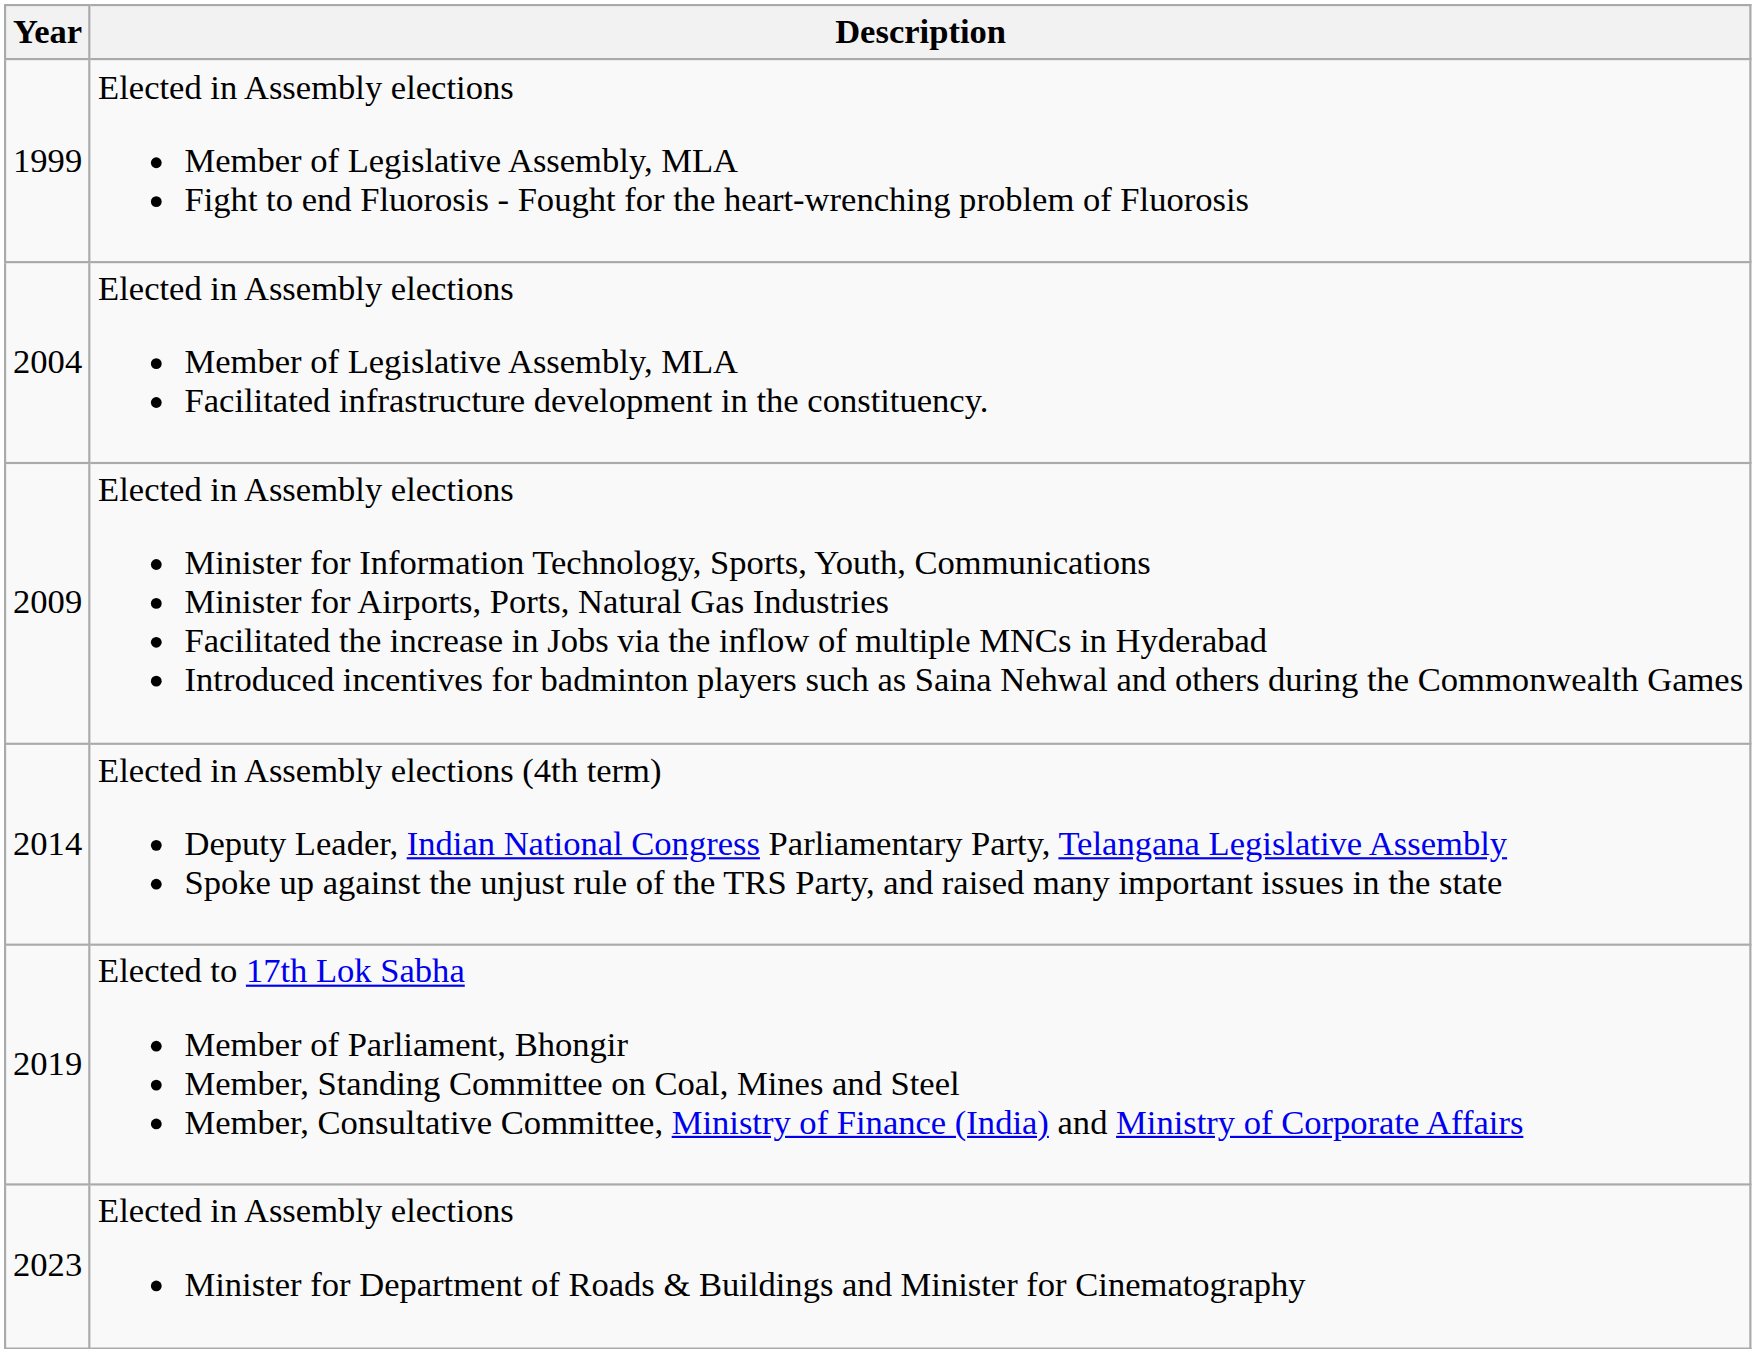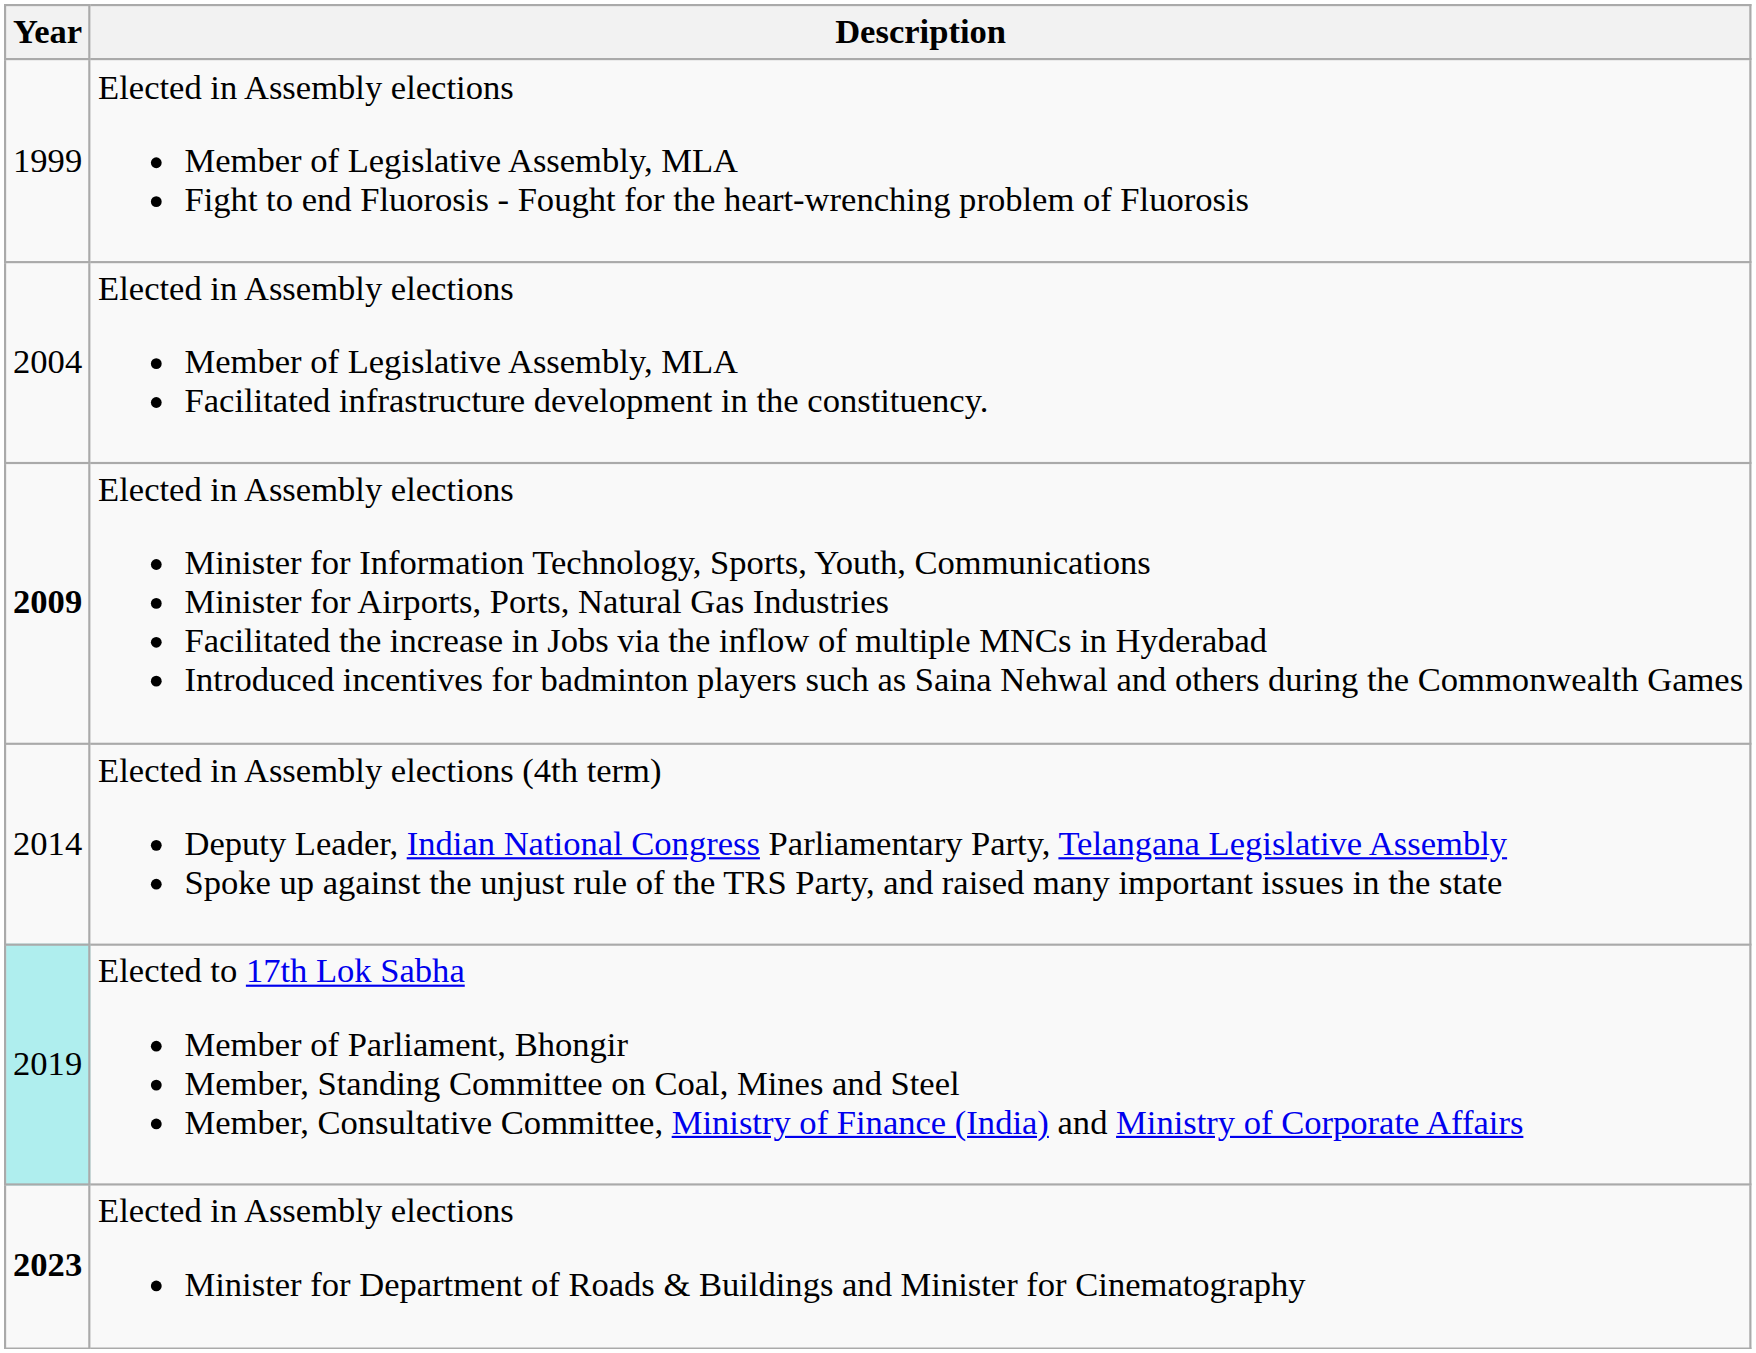 <table class="wikitable">
 <tr>
 <th>Year</th>
 <th>Description</th>
 </tr>
 <tr>
 <td>1999</td>
 <td>Elected in Assembly elections<br><ul><li>Member of Legislative Assembly, MLA</li><li>Fight to end Fluorosis - Fought for the heart-wrenching problem of Fluorosis</li></ul></td>
 </tr>
 <tr>
 <td>2004</td>
 <td>Elected in Assembly elections<br><ul><li>Member of Legislative Assembly, MLA</li><li>Facilitated infrastructure development in the constituency.</li></ul></td>
 </tr>
 <tr>
-<td>2009</td>
+<td><strong>2009</strong></td>
 <td>Elected in Assembly elections<br><ul><li>Minister for Information Technology, Sports, Youth, Communications</li><li>Minister for Airports, Ports, Natural Gas Industries</li><li>Facilitated the increase in Jobs via the inflow of multiple MNCs in Hyderabad</li><li>Introduced incentives for badminton players such as Saina Nehwal and others during the Commonwealth Games</li></ul></td>
 </tr>
 <tr>
 <td>2014</td>
 <td>Elected in Assembly elections (4th term)<br><ul><li>Deputy Leader, <a href='#'>Indian National Congress</a> Parliamentary Party, <a href='#'>Telangana Legislative Assembly</a></li><li>Spoke up against the unjust rule of the TRS Party, and raised many important issues in the state</li></ul></td>
 </tr>
 <tr>
-<td>2019</td>
+<td style="background: paleturquoise;">2019</td>
 <td>Elected to <a href='#'>17th Lok Sabha</a><br><ul><li>Member of Parliament, Bhongir</li><li>Member, Standing Committee on Coal, Mines and Steel</li><li>Member, Consultative Committee, <a href='#'>Ministry of Finance (India)</a> and <a href='#'>Ministry of Corporate Affairs</a></li></ul></td>
 </tr>
 <tr>
-<td>2023</td>
+<td><strong>2023</strong></td>
 <td>Elected in Assembly elections<br><ul><li>Minister for Department of Roads & Buildings and Minister for Cinematography </li></ul></td>
 </tr>
 </table>
